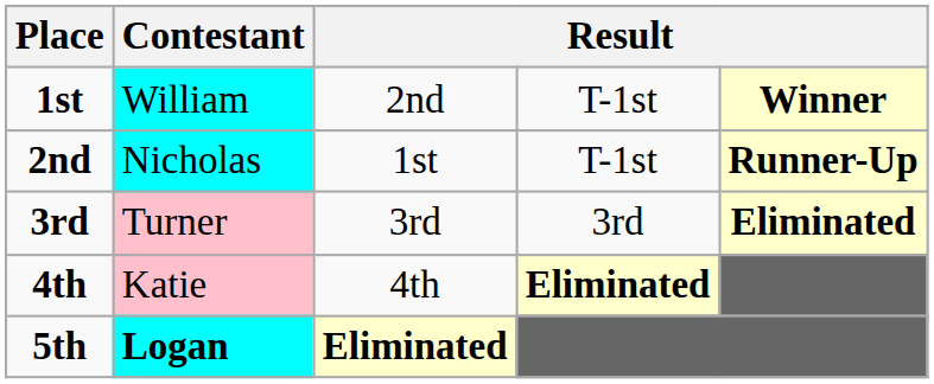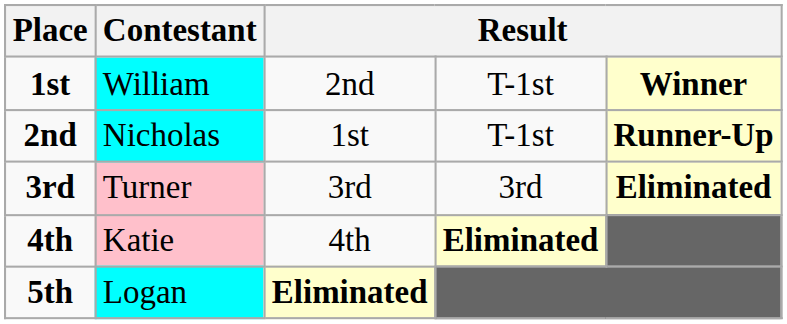 <table class="wikitable">
 <tr>
 <th>Place</th>
 <th>Contestant</th>
 <th colspan="14" align="center">Result</th>
 </tr>
 <tr>
 <td align="center"><strong>1st</strong></td>
 <td bgcolor="cyan">William</td>
 <td align="center">2nd</td>
 <td align="center">T-1st</td>
 <td bgcolor="FFFFCC" align="center"><strong>Winner</strong></td>
 </tr>
 <tr>
 <td align="center"><strong>2nd</strong></td>
 <td bgcolor="cyan">Nicholas</td>
 <td align="center">1st</td>
 <td align="center">T-1st</td>
 <td bgcolor="FFFFCC" align="center"><strong>Runner-Up</strong></td>
 </tr>
 <tr>
 <td align="center"><strong>3rd</strong></td>
 <td bgcolor="pink">Turner</td>
 <td align="center">3rd</td>
 <td align="center">3rd</td>
 <td bgcolor="FFFFCC" align="center"><strong>Eliminated</strong></td>
 </tr>
 <tr>
 <td align="center"><strong>4th</strong></td>
 <td bgcolor="pink">Katie</td>
 <td align="center">4th</td>
 <td bgcolor="FFFFCC" align="center"><strong>Eliminated</strong></td>
 <td colspan="1" bgcolor="666666"></td>
 </tr>
 <tr>
 <td align="center"><strong>5th</strong></td>
-<td bgcolor="cyan"><strong>Logan</strong></td>
+<td bgcolor="cyan">Logan</td>
 <td bgcolor="FFFFCC" align="center"><strong>Eliminated</strong></td>
 <td colspan="2" bgcolor="666666"></td>
 </tr>
 </table>
